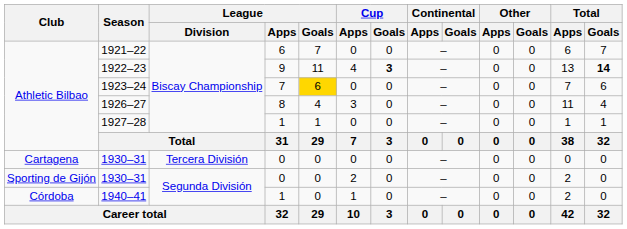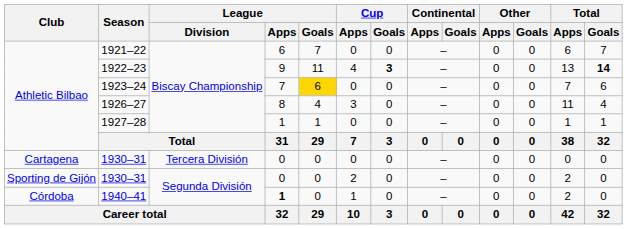 <table class="wikitable" style="text-align: center">
 <tr>
 <th rowspan="2">Club</th>
 <th rowspan="2">Season</th>
 <th colspan="3">League</th>
 <th colspan="2"><a href='#'>Cup</a></th>
 <th colspan="2">Continental</th>
 <th colspan="2">Other</th>
 <th colspan="2">Total</th>
 </tr>
 <tr>
 <th>Division</th>
 <th>Apps</th>
 <th>Goals</th>
 <th>Apps</th>
 <th>Goals</th>
 <th>Apps</th>
 <th>Goals</th>
 <th>Apps</th>
 <th>Goals</th>
 <th>Apps</th>
 <th>Goals</th>
 </tr>
 <tr>
 <td rowspan="6"><a href='#'>Athletic Bilbao</a></td>
 <td>1921–22</td>
 <td rowspan="5"><a href='#'>Biscay Championship</a></td>
 <td>6</td>
 <td>7</td>
 <td>0</td>
 <td>0</td>
 <td colspan="2">–</td>
 <td>0</td>
 <td>0</td>
 <td>6</td>
 <td>7</td>
 </tr>
 <tr>
 <td>1922–23</td>
 <td>9</td>
 <td>11</td>
 <td>4</td>
 <td><strong>3</strong></td>
 <td colspan="2">–</td>
 <td>0</td>
 <td>0</td>
 <td>13</td>
 <td><strong>14</strong></td>
 </tr>
 <tr>
 <td>1923–24</td>
 <td>7</td>
 <td style="background: gold;">6</td>
 <td>0</td>
 <td>0</td>
 <td colspan="2">–</td>
 <td>0</td>
 <td>0</td>
 <td>7</td>
 <td>6</td>
 </tr>
 <tr>
 <td>1926–27</td>
 <td>8</td>
 <td>4</td>
 <td>3</td>
 <td>0</td>
 <td colspan="2">–</td>
 <td>0</td>
 <td>0</td>
 <td>11</td>
 <td>4</td>
 </tr>
 <tr>
 <td>1927–28</td>
 <td>1</td>
 <td>1</td>
 <td>0</td>
 <td>0</td>
 <td colspan="2">–</td>
 <td>0</td>
 <td>0</td>
 <td>1</td>
 <td>1</td>
 </tr>
 <tr>
 <th colspan="2"><strong>Total</strong></th>
 <th>31</th>
 <th>29</th>
 <th>7</th>
 <th>3</th>
 <th>0</th>
 <th>0</th>
 <th>0</th>
 <th>0</th>
 <th>38</th>
 <th>32</th>
 </tr>
 <tr>
 <td><a href='#'>Cartagena</a></td>
 <td><a href='#'>1930–31</a></td>
 <td><a href='#'>Tercera División</a></td>
 <td>0</td>
 <td>0</td>
 <td>0</td>
 <td>0</td>
 <td colspan="2">–</td>
 <td>0</td>
 <td>0</td>
 <td>0</td>
 <td>0</td>
 </tr>
 <tr>
 <td><a href='#'>Sporting de Gijón</a></td>
 <td><a href='#'>1930–31</a></td>
 <td rowspan="2"><a href='#'>Segunda División</a></td>
 <td>0</td>
 <td>0</td>
 <td>2</td>
 <td>0</td>
 <td colspan="2">–</td>
 <td>0</td>
 <td>0</td>
 <td>2</td>
 <td>0</td>
 </tr>
 <tr>
 <td><a href='#'>Córdoba</a></td>
 <td><a href='#'>1940–41</a></td>
-<td>1</td>
+<td><strong>1</strong></td>
 <td>0</td>
 <td>1</td>
 <td>0</td>
 <td colspan="2">–</td>
 <td>0</td>
 <td>0</td>
 <td>2</td>
 <td>0</td>
 </tr>
 <tr>
 <th colspan="3"><strong>Career total</strong></th>
 <th>32</th>
 <th>29</th>
 <th>10</th>
 <th>3</th>
 <th>0</th>
 <th>0</th>
 <th>0</th>
 <th>0</th>
 <th>42</th>
 <th>32</th>
 </tr>
 </table>
